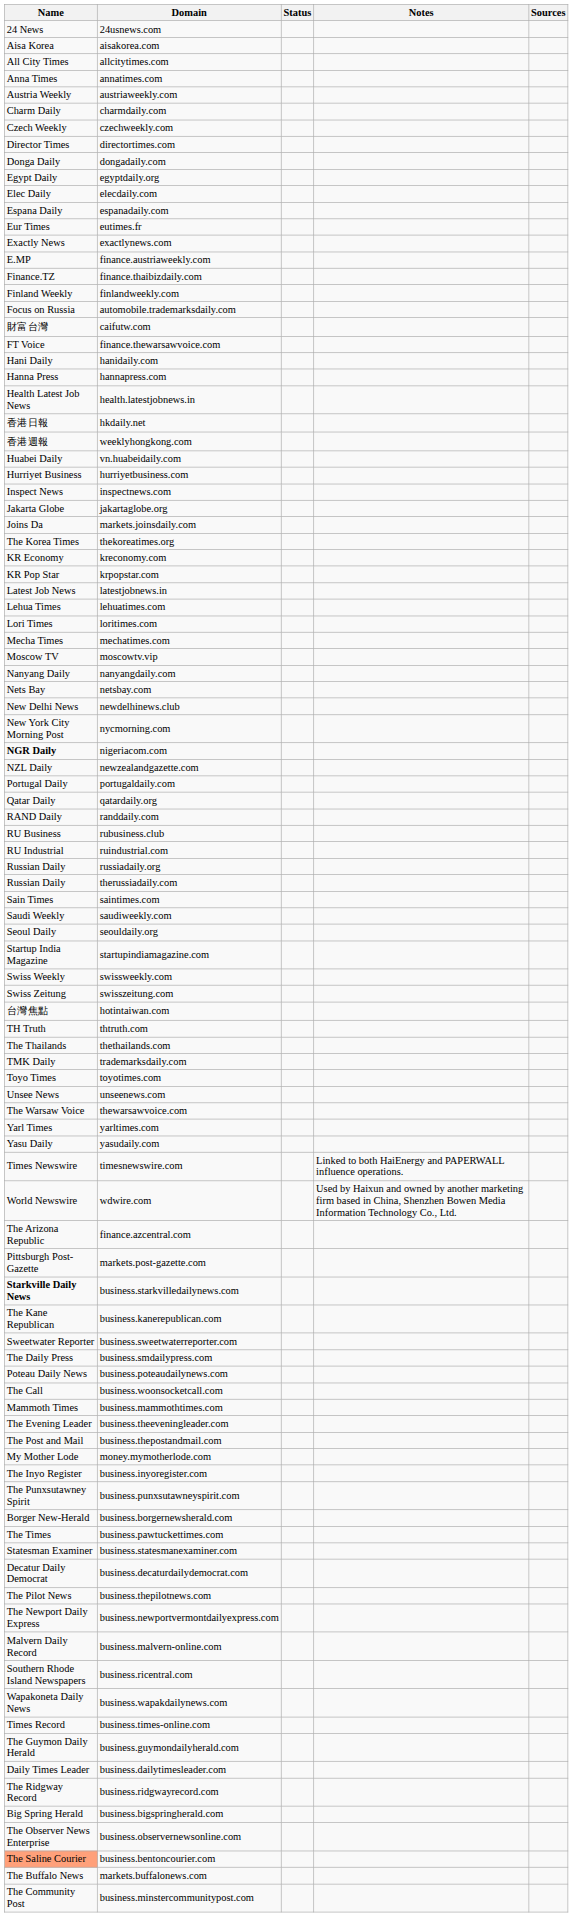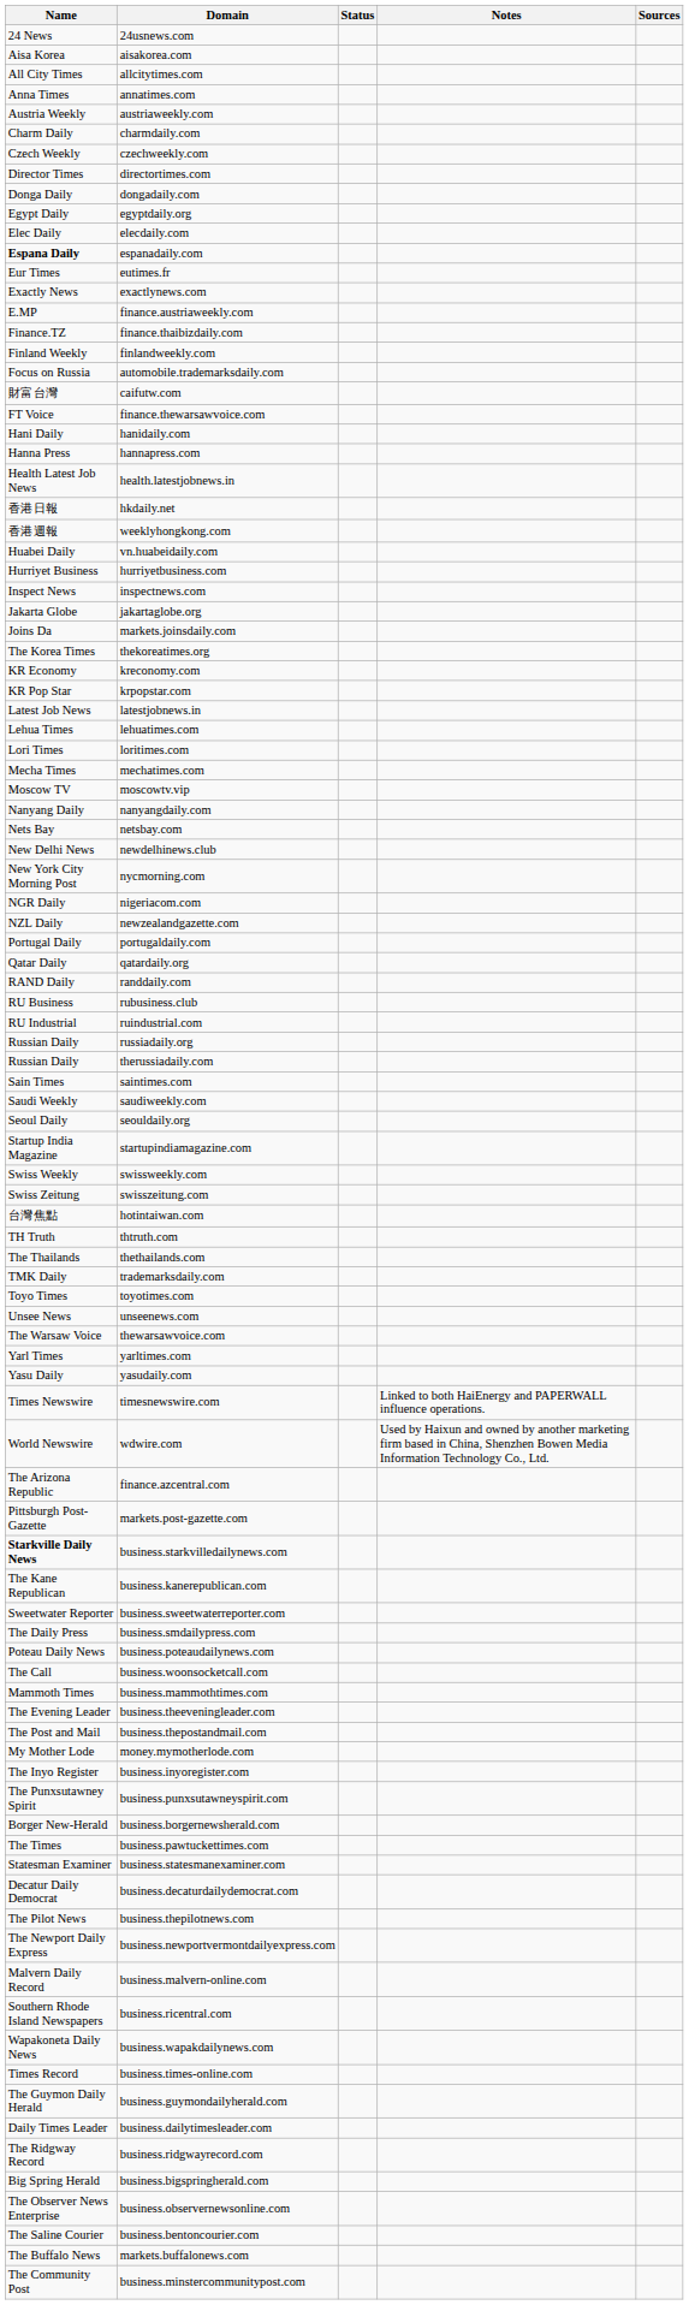 <table class="wikitable sortable mw-collapsible">
 <tr>
 <th>Name</th>
 <th>Domain</th>
 <th>Status</th>
 <th class="sortable">Notes</th>
 <th class="unsortable">Sources</th>
 </tr>
 <tr>
 <td>24 News</td>
 <td>24usnews.com</td>
 <td></td>
 <td></td>
 <td></td>
 </tr>
 <tr>
 <td>Aisa Korea</td>
 <td>aisakorea.com</td>
 <td></td>
 <td></td>
 <td></td>
 </tr>
 <tr>
 <td>All City Times</td>
 <td>allcitytimes.com</td>
 <td></td>
 <td></td>
 <td></td>
 </tr>
 <tr>
 <td>Anna Times</td>
 <td>annatimes.com</td>
 <td></td>
 <td></td>
 <td></td>
 </tr>
 <tr>
 <td>Austria Weekly</td>
 <td>austriaweekly.com</td>
 <td></td>
 <td></td>
 <td></td>
 </tr>
 <tr>
 <td>Charm Daily</td>
 <td>charmdaily.com</td>
 <td></td>
 <td></td>
 <td></td>
 </tr>
 <tr>
 <td>Czech Weekly</td>
 <td>czechweekly.com</td>
 <td></td>
 <td></td>
 <td></td>
 </tr>
 <tr>
 <td>Director Times</td>
 <td>directortimes.com</td>
 <td></td>
 <td></td>
 <td></td>
 </tr>
 <tr>
 <td>Donga Daily</td>
 <td>dongadaily.com</td>
 <td></td>
 <td></td>
 <td></td>
 </tr>
 <tr>
 <td>Egypt Daily</td>
 <td>egyptdaily.org</td>
 <td></td>
 <td></td>
 <td></td>
 </tr>
 <tr>
 <td>Elec Daily</td>
 <td>elecdaily.com</td>
 <td></td>
 <td></td>
 <td></td>
 </tr>
 <tr>
-<td>Espana Daily</td>
+<td><strong>Espana Daily</strong></td>
 <td>espanadaily.com</td>
 <td></td>
 <td></td>
 <td></td>
 </tr>
 <tr>
 <td>Eur Times</td>
 <td>eutimes.fr</td>
 <td></td>
 <td></td>
 <td></td>
 </tr>
 <tr>
 <td>Exactly News</td>
 <td>exactlynews.com</td>
 <td></td>
 <td></td>
 <td></td>
 </tr>
 <tr>
 <td>E.MP</td>
 <td>finance.austriaweekly.com</td>
 <td></td>
 <td></td>
 <td></td>
 </tr>
 <tr>
 <td>Finance.TZ</td>
 <td>finance.thaibizdaily.com</td>
 <td></td>
 <td></td>
 <td></td>
 </tr>
 <tr>
 <td>Finland Weekly</td>
 <td>finlandweekly.com</td>
 <td></td>
 <td></td>
 <td></td>
 </tr>
 <tr>
 <td>Focus on Russia</td>
 <td>automobile.trademarksdaily.com</td>
 <td></td>
 <td></td>
 <td></td>
 </tr>
 <tr>
 <td>財富台灣</td>
 <td>caifutw.com</td>
 <td></td>
 <td></td>
 <td></td>
 </tr>
 <tr>
 <td>FT Voice</td>
 <td>finance.thewarsawvoice.com</td>
 <td></td>
 <td></td>
 <td></td>
 </tr>
 <tr>
 <td>Hani Daily</td>
 <td>hanidaily.com</td>
 <td></td>
 <td></td>
 <td></td>
 </tr>
 <tr>
 <td>Hanna Press</td>
 <td>hannapress.com</td>
 <td></td>
 <td></td>
 <td></td>
 </tr>
 <tr>
 <td>Health Latest Job News</td>
 <td>health.latestjobnews.in</td>
 <td></td>
 <td></td>
 <td></td>
 </tr>
 <tr>
 <td>香港日報</td>
 <td>hkdaily.net</td>
 <td></td>
 <td></td>
 <td></td>
 </tr>
 <tr>
 <td>香港週報</td>
 <td>weeklyhongkong.com</td>
 <td></td>
 <td></td>
 <td></td>
 </tr>
 <tr>
 <td>Huabei Daily</td>
 <td>vn.huabeidaily.com</td>
 <td></td>
 <td></td>
 <td></td>
 </tr>
 <tr>
 <td>Hurriyet Business</td>
 <td>hurriyetbusiness.com</td>
 <td></td>
 <td></td>
 <td></td>
 </tr>
 <tr>
 <td>Inspect News</td>
 <td>inspectnews.com</td>
 <td></td>
 <td></td>
 <td></td>
 </tr>
 <tr>
 <td>Jakarta Globe</td>
 <td>jakartaglobe.org</td>
 <td></td>
 <td></td>
 <td></td>
 </tr>
 <tr>
 <td>Joins Da</td>
 <td>markets.joinsdaily.com</td>
 <td></td>
 <td></td>
 <td></td>
 </tr>
 <tr>
 <td>The Korea Times</td>
 <td>thekoreatimes.org</td>
 <td></td>
 <td></td>
 <td></td>
 </tr>
 <tr>
 <td>KR Economy</td>
 <td>kreconomy.com</td>
 <td></td>
 <td></td>
 <td></td>
 </tr>
 <tr>
 <td>KR Pop Star</td>
 <td>krpopstar.com</td>
 <td></td>
 <td></td>
 <td></td>
 </tr>
 <tr>
 <td>Latest Job News</td>
 <td>latestjobnews.in</td>
 <td></td>
 <td></td>
 <td></td>
 </tr>
 <tr>
 <td>Lehua Times</td>
 <td>lehuatimes.com</td>
 <td></td>
 <td></td>
 <td></td>
 </tr>
 <tr>
 <td>Lori Times</td>
 <td>loritimes.com</td>
 <td></td>
 <td></td>
 <td></td>
 </tr>
 <tr>
 <td>Mecha Times</td>
 <td>mechatimes.com</td>
 <td></td>
 <td></td>
 <td></td>
 </tr>
 <tr>
 <td>Moscow TV</td>
 <td>moscowtv.vip</td>
 <td></td>
 <td></td>
 <td></td>
 </tr>
 <tr>
 <td>Nanyang Daily</td>
 <td>nanyangdaily.com</td>
 <td></td>
 <td></td>
 <td></td>
 </tr>
 <tr>
 <td>Nets Bay</td>
 <td>netsbay.com</td>
 <td></td>
 <td></td>
 <td></td>
 </tr>
 <tr>
 <td>New Delhi News</td>
 <td>newdelhinews.club</td>
 <td></td>
 <td></td>
 <td></td>
 </tr>
 <tr>
 <td>New York City Morning Post</td>
 <td>nycmorning.com</td>
 <td></td>
 <td></td>
 <td></td>
 </tr>
 <tr>
-<td><strong>NGR Daily</strong></td>
+<td>NGR Daily</td>
 <td>nigeriacom.com</td>
 <td></td>
 <td></td>
 <td></td>
 </tr>
 <tr>
 <td>NZL Daily</td>
 <td>newzealandgazette.com</td>
 <td></td>
 <td></td>
 <td></td>
 </tr>
 <tr>
 <td>Portugal Daily</td>
 <td>portugaldaily.com</td>
 <td></td>
 <td></td>
 <td></td>
 </tr>
 <tr>
 <td>Qatar Daily</td>
 <td>qatardaily.org</td>
 <td></td>
 <td></td>
 <td></td>
 </tr>
 <tr>
 <td>RAND Daily</td>
 <td>randdaily.com</td>
 <td></td>
 <td></td>
 <td></td>
 </tr>
 <tr>
 <td>RU Business</td>
 <td>rubusiness.club</td>
 <td></td>
 <td></td>
 <td></td>
 </tr>
 <tr>
 <td>RU Industrial</td>
 <td>ruindustrial.com</td>
 <td></td>
 <td></td>
 <td></td>
 </tr>
 <tr>
 <td>Russian Daily</td>
 <td>russiadaily.org</td>
 <td></td>
 <td></td>
 <td></td>
 </tr>
 <tr>
 <td>Russian Daily</td>
 <td>therussiadaily.com</td>
 <td></td>
 <td></td>
 <td></td>
 </tr>
 <tr>
 <td>Sain Times</td>
 <td>saintimes.com</td>
 <td></td>
 <td></td>
 <td></td>
 </tr>
 <tr>
 <td>Saudi Weekly</td>
 <td>saudiweekly.com</td>
 <td></td>
 <td></td>
 <td></td>
 </tr>
 <tr>
 <td>Seoul Daily</td>
 <td>seouldaily.org</td>
 <td></td>
 <td></td>
 <td></td>
 </tr>
 <tr>
 <td>Startup India Magazine</td>
 <td>startupindiamagazine.com</td>
 <td></td>
 <td></td>
 <td></td>
 </tr>
 <tr>
 <td>Swiss Weekly</td>
 <td>swissweekly.com</td>
 <td></td>
 <td></td>
 <td></td>
 </tr>
 <tr>
 <td>Swiss Zeitung</td>
 <td>swisszeitung.com</td>
 <td></td>
 <td></td>
 <td></td>
 </tr>
 <tr>
 <td>台灣焦點</td>
 <td>hotintaiwan.com</td>
 <td></td>
 <td></td>
 <td></td>
 </tr>
 <tr>
 <td>TH Truth</td>
 <td>thtruth.com</td>
 <td></td>
 <td></td>
 <td></td>
 </tr>
 <tr>
 <td>The Thailands</td>
 <td>thethailands.com</td>
 <td></td>
 <td></td>
 <td></td>
 </tr>
 <tr>
 <td>TMK Daily</td>
 <td>trademarksdaily.com</td>
 <td></td>
 <td></td>
 <td></td>
 </tr>
 <tr>
 <td>Toyo Times</td>
 <td>toyotimes.com</td>
 <td></td>
 <td></td>
 <td></td>
 </tr>
 <tr>
 <td>Unsee News</td>
 <td>unseenews.com</td>
 <td></td>
 <td></td>
 <td></td>
 </tr>
 <tr>
 <td>The Warsaw Voice</td>
 <td>thewarsawvoice.com</td>
 <td></td>
 <td></td>
 <td></td>
 </tr>
 <tr>
 <td>Yarl Times</td>
 <td>yarltimes.com</td>
 <td></td>
 <td></td>
 <td></td>
 </tr>
 <tr>
 <td>Yasu Daily</td>
 <td>yasudaily.com</td>
 <td></td>
 <td></td>
 <td></td>
 </tr>
 <tr>
 <td>Times Newswire</td>
 <td>timesnewswire.com</td>
 <td></td>
 <td>Linked to both HaiEnergy and PAPERWALL influence operations.</td>
 <td></td>
 </tr>
 <tr>
 <td>World Newswire</td>
 <td>wdwire.com</td>
 <td></td>
 <td>Used by Haixun and owned by another marketing firm based in China, Shenzhen Bowen Media Information Technology Co., Ltd.</td>
 <td></td>
 </tr>
 <tr>
 <td>The Arizona Republic</td>
 <td>finance.azcentral.com</td>
 <td></td>
 <td></td>
 <td></td>
 </tr>
 <tr>
 <td>Pittsburgh Post-Gazette</td>
 <td>markets.post-gazette.com</td>
 <td></td>
 <td></td>
 <td></td>
 </tr>
 <tr>
 <td><strong>Starkville Daily News</strong></td>
 <td>business.starkvilledailynews.com</td>
 <td></td>
 <td></td>
 <td></td>
 </tr>
 <tr>
 <td>The Kane Republican</td>
 <td>business.kanerepublican.com</td>
 <td></td>
 <td></td>
 <td></td>
 </tr>
 <tr>
 <td>Sweetwater Reporter</td>
 <td>business.sweetwaterreporter.com</td>
 <td></td>
 <td></td>
 <td></td>
 </tr>
 <tr>
 <td>The Daily Press</td>
 <td>business.smdailypress.com</td>
 <td></td>
 <td></td>
 <td></td>
 </tr>
 <tr>
 <td>Poteau Daily News</td>
 <td>business.poteaudailynews.com</td>
 <td></td>
 <td></td>
 <td></td>
 </tr>
 <tr>
 <td>The Call</td>
 <td>business.woonsocketcall.com</td>
 <td></td>
 <td></td>
 <td></td>
 </tr>
 <tr>
 <td>Mammoth Times</td>
 <td>business.mammothtimes.com</td>
 <td></td>
 <td></td>
 <td></td>
 </tr>
 <tr>
 <td>The Evening Leader</td>
 <td>business.theeveningleader.com</td>
 <td></td>
 <td></td>
 <td></td>
 </tr>
 <tr>
 <td>The Post and Mail</td>
 <td>business.thepostandmail.com</td>
 <td></td>
 <td></td>
 <td></td>
 </tr>
 <tr>
 <td>My Mother Lode</td>
 <td>money.mymotherlode.com</td>
 <td></td>
 <td></td>
 <td></td>
 </tr>
 <tr>
 <td>The Inyo Register</td>
 <td>business.inyoregister.com</td>
 <td></td>
 <td></td>
 <td></td>
 </tr>
 <tr>
 <td>The Punxsutawney Spirit</td>
 <td>business.punxsutawneyspirit.com</td>
 <td></td>
 <td></td>
 <td></td>
 </tr>
 <tr>
 <td>Borger New-Herald</td>
 <td>business.borgernewsherald.com</td>
 <td></td>
 <td></td>
 <td></td>
 </tr>
 <tr>
 <td>The Times</td>
 <td>business.pawtuckettimes.com</td>
 <td></td>
 <td></td>
 <td></td>
 </tr>
 <tr>
 <td>Statesman Examiner</td>
 <td>business.statesmanexaminer.com</td>
 <td></td>
 <td></td>
 <td></td>
 </tr>
 <tr>
 <td>Decatur Daily Democrat</td>
 <td>business.decaturdailydemocrat.com</td>
 <td></td>
 <td></td>
 <td></td>
 </tr>
 <tr>
 <td>The Pilot News</td>
 <td>business.thepilotnews.com</td>
 <td></td>
 <td></td>
 <td></td>
 </tr>
 <tr>
 <td>The Newport Daily Express</td>
 <td>business.newportvermontdailyexpress.com</td>
 <td></td>
 <td></td>
 <td></td>
 </tr>
 <tr>
 <td>Malvern Daily Record</td>
 <td>business.malvern-online.com</td>
 <td></td>
 <td></td>
 <td></td>
 </tr>
 <tr>
 <td>Southern Rhode Island Newspapers</td>
 <td>business.ricentral.com</td>
 <td></td>
 <td></td>
 <td></td>
 </tr>
 <tr>
 <td>Wapakoneta Daily News</td>
 <td>business.wapakdailynews.com</td>
 <td></td>
 <td></td>
 <td></td>
 </tr>
 <tr>
 <td>Times Record</td>
 <td>business.times-online.com</td>
 <td></td>
 <td></td>
 <td></td>
 </tr>
 <tr>
 <td>The Guymon Daily Herald</td>
 <td>business.guymondailyherald.com</td>
 <td></td>
 <td></td>
 <td></td>
 </tr>
 <tr>
 <td>Daily Times Leader</td>
 <td>business.dailytimesleader.com</td>
 <td></td>
 <td></td>
 <td></td>
 </tr>
 <tr>
 <td>The Ridgway Record</td>
 <td>business.ridgwayrecord.com</td>
 <td></td>
 <td></td>
 <td></td>
 </tr>
 <tr>
 <td>Big Spring Herald</td>
 <td>business.bigspringherald.com</td>
 <td></td>
 <td></td>
 <td></td>
 </tr>
 <tr>
 <td>The Observer News Enterprise</td>
 <td>business.observernewsonline.com</td>
 <td></td>
 <td></td>
 <td></td>
 </tr>
 <tr>
-<td style="background: lightsalmon;">The Saline Courier</td>
+<td>The Saline Courier</td>
 <td>business.bentoncourier.com</td>
 <td></td>
 <td></td>
 <td></td>
 </tr>
 <tr>
 <td>The Buffalo News</td>
 <td>markets.buffalonews.com</td>
 <td></td>
 <td></td>
 <td></td>
 </tr>
 <tr>
 <td>The Community Post</td>
 <td>business.minstercommunitypost.com</td>
 <td></td>
 <td></td>
 <td></td>
 </tr>
 </table>
